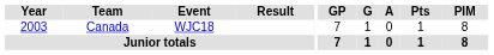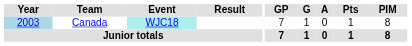 <table border="0" cellpadding="1" cellspacing="0" ID="Table3" style="text-align:center; width:40em">
 <tr ALIGN="center" bgcolor="#e0e0e0">
 <th>Year</th>
 <th>Team</th>
 <th>Event</th>
 <th>Result</th>
 <th rowspan="99" bgcolor="#ffffff"></th>
 <th>GP</th>
 <th>G</th>
 <th>A</th>
 <th>Pts</th>
 <th>PIM</th>
 </tr>
 <tr>
-<td><a href='#'>2003</a></td>
+<td style="background: lightblue;"><a href='#'>2003</a></td>
 <td><a href='#'>Canada</a></td>
-<td><a href='#'>WJC18</a></td>
+<td style="background: paleturquoise;"><a href='#'>WJC18</a></td>
 <td></td>
 <td>7</td>
 <td>1</td>
 <td>0</td>
 <td>1</td>
 <td>8</td>
 </tr>
 <tr bgcolor="#e0e0e0">
 <th colspan="4">Junior totals</th>
 <th>7</th>
 <th>1</th>
 <th>0</th>
 <th>1</th>
 <th>8</th>
 </tr>
 </table>
